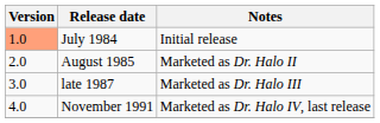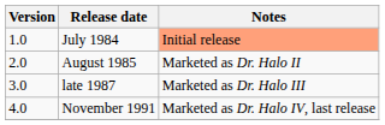 <table class="wikitable">
 <tr>
 <th>Version</th>
 <th>Release date</th>
 <th>Notes</th>
 </tr>
 <tr>
-<td style="background: lightsalmon;">1.0</td>
+<td>1.0</td>
 <td>July 1984</td>
-<td>Initial release</td>
+<td style="background: lightsalmon;">Initial release</td>
 </tr>
 <tr>
 <td>2.0</td>
 <td>August 1985</td>
 <td>Marketed as <em>Dr. Halo II</em></td>
 </tr>
 <tr>
 <td>3.0</td>
 <td>late 1987</td>
 <td>Marketed as <em>Dr. Halo III</em></td>
 </tr>
 <tr>
 <td>4.0</td>
 <td>November 1991</td>
 <td>Marketed as <em>Dr. Halo IV</em>, last release</td>
 </tr>
 <tr>
 </tr>
 </table>
